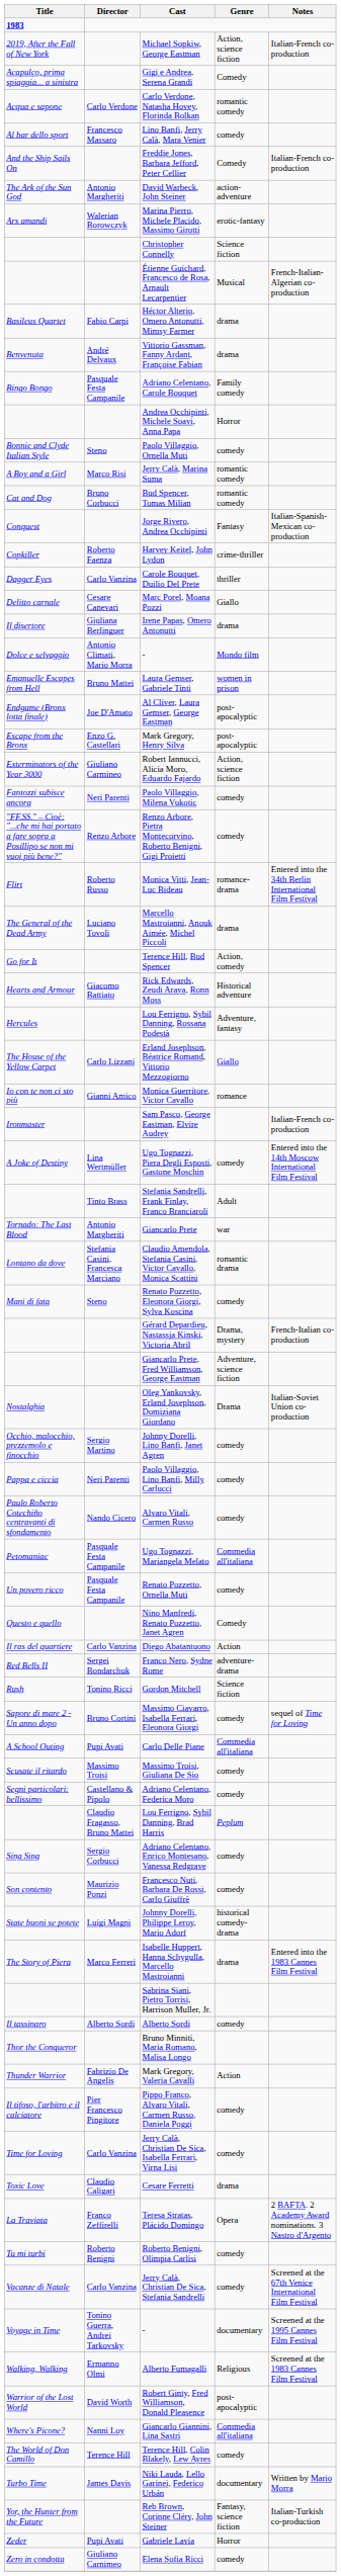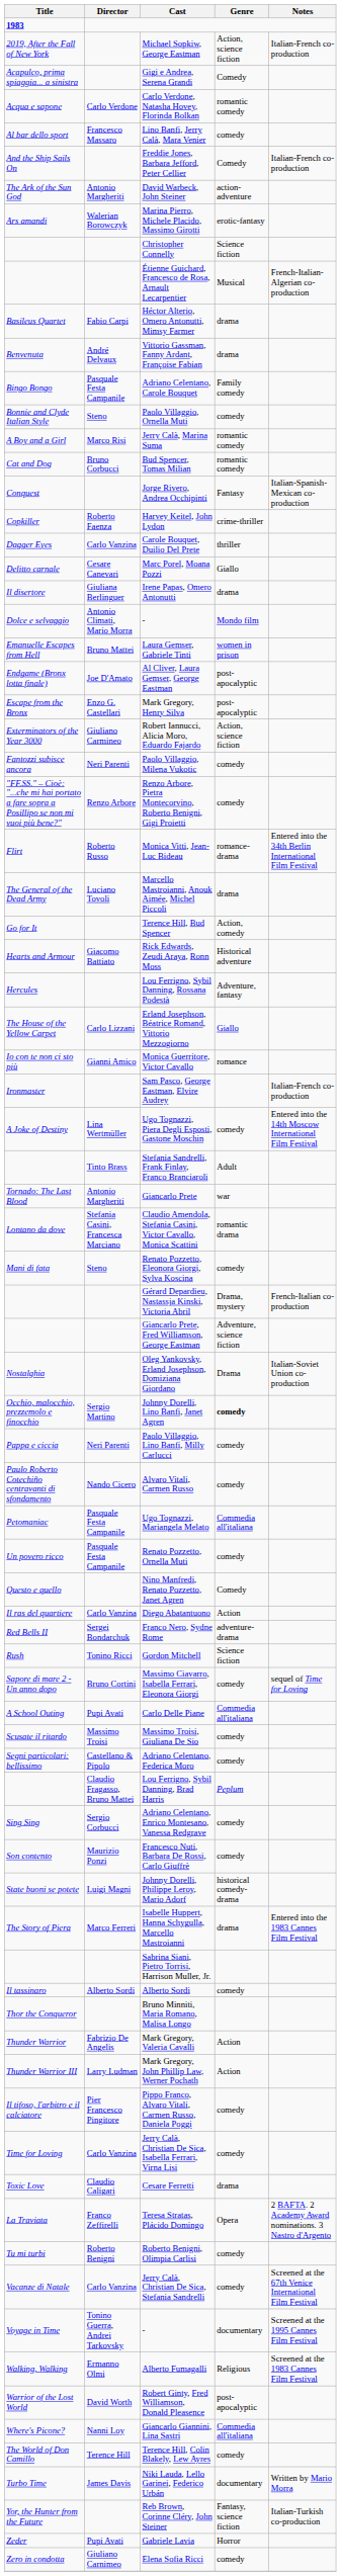 <table class="wikitable">
 <tr>
 <th>Title</th>
 <th>Director</th>
 <th>Cast</th>
 <th>Genre</th>
 <th>Notes</th>
 </tr>
 <tr>
 <td><strong><a href='#'>1983</a></strong></td>
 </tr>
 <tr>
 <td><em><a href='#'>2019, After the Fall of New York</a></em></td>
 <td></td>
 <td><a href='#'>Michael Sopkiw</a>, <a href='#'>George Eastman</a></td>
 <td>Action, science fiction</td>
 <td>Italian-French co-production</td>
 </tr>
 <tr>
 <td><em><a href='#'>Acapulco, prima spiaggia... a sinistra</a></em></td>
 <td></td>
 <td><a href='#'>Gigi e Andrea</a>, <a href='#'>Serena Grandi</a></td>
 <td>Comedy</td>
 <td></td>
 </tr>
 <tr>
 <td><em><a href='#'>Acqua e sapone</a></em></td>
 <td><a href='#'>Carlo Verdone</a></td>
 <td><a href='#'>Carlo Verdone</a>, <a href='#'>Natasha Hovey</a>, <a href='#'>Florinda Bolkan</a></td>
 <td>romantic comedy</td>
 <td></td>
 </tr>
 <tr>
 <td><em><a href='#'>Al bar dello sport</a></em></td>
 <td><a href='#'>Francesco Massaro</a></td>
 <td><a href='#'>Lino Banfi</a>, <a href='#'>Jerry Calà</a>, <a href='#'>Mara Venier</a></td>
 <td>comedy</td>
 <td></td>
 </tr>
 <tr>
 <td><em><a href='#'>And the Ship Sails On</a></em></td>
 <td></td>
 <td><a href='#'>Freddie Jones</a>, <a href='#'>Barbara Jefford</a>, <a href='#'>Peter Cellier</a></td>
 <td>Comedy</td>
 <td>Italian-French co-production</td>
 </tr>
 <tr>
 <td><em><a href='#'>The Ark of the Sun God</a></em></td>
 <td><a href='#'>Antonio Margheriti</a></td>
 <td><a href='#'>David Warbeck</a>, <a href='#'>John Steiner</a></td>
 <td>action-adventure</td>
 <td></td>
 </tr>
 <tr>
 <td><em><a href='#'>Ars amandi</a></em></td>
 <td><a href='#'>Walerian Borowczyk</a></td>
 <td><a href='#'>Marina Pierro</a>, <a href='#'>Michele Placido</a>, <a href='#'>Massimo Girotti</a></td>
 <td>erotic-fantasy</td>
 <td></td>
 </tr>
 <tr>
 <td></td>
 <td></td>
 <td><a href='#'>Christopher Connelly</a></td>
 <td>Science fiction</td>
 <td></td>
 </tr>
 <tr>
 <td></td>
 <td></td>
 <td><a href='#'>Étienne Guichard</a>, <a href='#'>Francesco de Rosa</a>, <a href='#'>Arnault Lecarpentier</a></td>
 <td>Musical</td>
 <td>French-Italian-Algerian co-production</td>
 </tr>
 <tr>
 <td><em><a href='#'>Basileus Quartet</a></em></td>
 <td><a href='#'>Fabio Carpi</a></td>
 <td><a href='#'>Héctor Alterio</a>, <a href='#'>Omero Antonutti</a>, <a href='#'>Mimsy Farmer</a></td>
 <td>drama</td>
 <td></td>
 </tr>
 <tr>
 <td><em><a href='#'>Benvenuta</a></em></td>
 <td><a href='#'>André Delvaux</a></td>
 <td><a href='#'>Vittorio Gassman</a>, <a href='#'>Fanny Ardant</a>, <a href='#'>Françoise Fabian</a></td>
 <td>drama</td>
 <td></td>
 </tr>
 <tr>
 <td><em><a href='#'>Bingo Bongo</a></em></td>
 <td><a href='#'>Pasquale Festa Campanile</a></td>
 <td><a href='#'>Adriano Celentano</a>, <a href='#'>Carole Bouquet</a></td>
 <td>Family comedy</td>
-<td></td>
-</tr>
-<tr>
-<td></td>
-<td></td>
-<td><a href='#'>Andrea Occhipinti</a>, <a href='#'>Michele Soavi</a>, <a href='#'>Anna Papa</a></td>
-<td>Horror</td>
 <td></td>
 </tr>
 <tr>
 <td><em><a href='#'>Bonnie and Clyde Italian Style</a></em></td>
 <td><a href='#'>Steno</a></td>
 <td><a href='#'>Paolo Villaggio</a>, <a href='#'>Ornella Muti</a></td>
 <td>comedy</td>
 </tr>
 <tr>
 <td><em><a href='#'>A Boy and a Girl</a></em></td>
 <td><a href='#'>Marco Risi</a></td>
 <td><a href='#'>Jerry Calà</a>, <a href='#'>Marina Suma</a></td>
 <td>romantic comedy</td>
 <td></td>
 </tr>
 <tr>
 <td><em><a href='#'>Cat and Dog</a></em></td>
 <td><a href='#'>Bruno Corbucci</a></td>
 <td><a href='#'>Bud Spencer</a>, <a href='#'>Tomas Milian</a></td>
 <td>romantic comedy</td>
 <td></td>
 </tr>
 <tr>
 <td><em><a href='#'>Conquest</a></em></td>
 <td></td>
 <td><a href='#'>Jorge Rivero</a>, <a href='#'>Andrea Occhipinti</a></td>
 <td>Fantasy</td>
 <td>Italian-Spanish-Mexican co-production</td>
 </tr>
 <tr>
 <td><em><a href='#'>Copkiller</a></em></td>
 <td><a href='#'>Roberto Faenza</a></td>
 <td><a href='#'>Harvey Keitel</a>, <a href='#'>John Lydon</a></td>
 <td>crime-thriller</td>
 <td></td>
 </tr>
 <tr>
 <td><em><a href='#'>Dagger Eyes</a></em></td>
 <td><a href='#'>Carlo Vanzina</a></td>
 <td><a href='#'>Carole Bouquet</a>, <a href='#'>Duilio Del Prete</a></td>
 <td>thriller</td>
 <td></td>
 </tr>
 <tr>
 <td><em><a href='#'>Delitto carnale</a></em></td>
 <td><a href='#'>Cesare Canevari</a></td>
 <td><a href='#'>Marc Porel</a>, <a href='#'>Moana Pozzi</a></td>
 <td>Giallo</td>
 <td></td>
 </tr>
 <tr>
 <td><em><a href='#'>Il disertore</a></em></td>
 <td><a href='#'>Giuliana Berlinguer</a></td>
 <td><a href='#'>Irene Papas</a>, <a href='#'>Omero Antonutti</a></td>
 <td>drama</td>
 <td></td>
 </tr>
 <tr>
 <td><em><a href='#'>Dolce e selvaggio</a></em></td>
 <td><a href='#'>Antonio Climati</a>, <a href='#'>Mario Morra</a></td>
 <td>-</td>
 <td><a href='#'>Mondo film</a></td>
 <td></td>
 </tr>
 <tr>
 <td><em><a href='#'>Emanuelle Escapes from Hell</a></em></td>
 <td><a href='#'>Bruno Mattei</a></td>
 <td><a href='#'>Laura Gemser</a>, <a href='#'>Gabriele Tinti</a></td>
 <td><a href='#'>women in prison</a></td>
 <td></td>
 </tr>
 <tr>
 <td><em><a href='#'>Endgame (Bronx lotta finale)</a></em></td>
 <td><a href='#'>Joe D'Amato</a></td>
 <td><a href='#'>Al Cliver</a>, <a href='#'>Laura Gemser</a>, <a href='#'>George Eastman</a></td>
 <td>post-apocalyptic</td>
 <td></td>
 </tr>
 <tr>
 <td><em><a href='#'>Escape from the Bronx</a></em></td>
 <td><a href='#'>Enzo G. Castellari</a></td>
 <td>Mark Gregory, <a href='#'>Henry Silva</a></td>
 <td>post-apocalyptic</td>
 <td></td>
 </tr>
 <tr>
 <td><em><a href='#'>Exterminators of the Year 3000</a></em></td>
 <td><a href='#'>Giuliano Carmineo</a></td>
 <td>Robert Iannucci, Alicia Moro, <a href='#'>Eduardo Fajardo</a></td>
 <td>Action, science fiction</td>
 <td></td>
 </tr>
 <tr>
 <td><em><a href='#'>Fantozzi subisce ancora</a></em></td>
 <td><a href='#'>Neri Parenti</a></td>
 <td><a href='#'>Paolo Villaggio</a>, <a href='#'>Milena Vukotic</a></td>
 <td>comedy</td>
 <td></td>
 </tr>
 <tr>
 <td><em><a href='#'>"FF.SS." – Cioè: "...che mi hai portato a fare sopra a Posillipo se non mi vuoi più bene?"</a></em></td>
 <td><a href='#'>Renzo Arbore</a></td>
 <td><a href='#'>Renzo Arbore</a>, <a href='#'>Pietra Montecorvino</a>, <a href='#'>Roberto Benigni</a>, <a href='#'>Gigi Proietti</a></td>
 <td>comedy</td>
 <td></td>
 </tr>
 <tr>
 <td><em><a href='#'>Flirt</a></em></td>
 <td><a href='#'>Roberto Russo</a></td>
 <td><a href='#'>Monica Vitti</a>, <a href='#'>Jean-Luc Bideau</a></td>
 <td>romance-drama</td>
 <td>Entered into the <a href='#'>34th Berlin International Film Festival</a></td>
 </tr>
 <tr>
 <td><em><a href='#'>The General of the Dead Army</a></em></td>
 <td><a href='#'>Luciano Tovoli</a></td>
 <td><a href='#'>Marcello Mastroianni</a>, <a href='#'>Anouk Aimée</a>, <a href='#'>Michel Piccoli</a></td>
 <td>drama</td>
 <td></td>
 </tr>
 <tr>
 <td><em><a href='#'>Go for It</a></em></td>
 <td></td>
 <td><a href='#'>Terence Hill</a>, <a href='#'>Bud Spencer</a></td>
 <td>Action, comedy</td>
 <td></td>
 </tr>
 <tr>
 <td><em><a href='#'>Hearts and Armour</a></em></td>
 <td><a href='#'>Giacomo Battiato</a></td>
 <td><a href='#'>Rick Edwards</a>, <a href='#'>Zeudi Araya</a>, <a href='#'>Ronn Moss</a></td>
 <td>Historical adventure</td>
 <td></td>
 </tr>
 <tr>
 <td><em><a href='#'>Hercules</a></em></td>
 <td></td>
 <td><a href='#'>Lou Ferrigno</a>, <a href='#'>Sybil Danning</a>, <a href='#'>Rossana Podestà</a></td>
 <td>Adventure, fantasy</td>
 <td></td>
 </tr>
 <tr>
 <td><em><a href='#'>The House of the Yellow Carpet</a></em></td>
 <td><a href='#'>Carlo Lizzani</a></td>
 <td><a href='#'>Erland Josephson</a>, <a href='#'>Béatrice Romand</a>, <a href='#'>Vittorio Mezzogiorno</a></td>
 <td><a href='#'>Giallo</a></td>
 <td></td>
 </tr>
 <tr>
 <td><em><a href='#'>Io con te non ci sto più</a></em></td>
 <td><a href='#'>Gianni Amico</a></td>
 <td><a href='#'>Monica Guerritore</a>, <a href='#'>Victor Cavallo</a></td>
 <td>romance</td>
 <td></td>
 </tr>
 <tr>
 <td><em><a href='#'>Ironmaster</a></em></td>
 <td></td>
 <td><a href='#'>Sam Pasco</a>, <a href='#'>George Eastman</a>, <a href='#'>Elvire Audrey</a></td>
 <td></td>
 <td>Italian-French co-production</td>
 </tr>
 <tr>
 <td><em><a href='#'>A Joke of Destiny</a></em></td>
 <td><a href='#'>Lina Wertmüller</a></td>
 <td><a href='#'>Ugo Tognazzi</a>, <a href='#'>Piera Degli Esposti</a>, <a href='#'>Gastone Moschin</a></td>
 <td>comedy</td>
 <td>Entered into the <a href='#'>14th Moscow International Film Festival</a></td>
 </tr>
 <tr>
 <td></td>
 <td><a href='#'>Tinto Brass</a></td>
 <td><a href='#'>Stefania Sandrelli</a>, <a href='#'>Frank Finlay</a>, <a href='#'>Franco Branciaroli</a></td>
 <td>Adult</td>
 <td></td>
 </tr>
 <tr>
 <td><em><a href='#'>Tornado: The Last Blood</a></em></td>
 <td><a href='#'>Antonio Margheriti</a></td>
 <td><a href='#'>Giancarlo Prete</a></td>
 <td>war</td>
 <td></td>
 </tr>
 <tr>
 <td><em><a href='#'>Lontano da dove</a></em></td>
 <td><a href='#'>Stefania Casini</a>, <a href='#'>Francesca Marciano</a></td>
 <td><a href='#'>Claudio Amendola</a>, <a href='#'>Stefania Casini</a>, <a href='#'>Victor Cavallo</a>, <a href='#'>Monica Scattini</a></td>
 <td>romantic drama</td>
 <td></td>
 </tr>
 <tr>
 <td><em><a href='#'>Mani di fata</a></em></td>
 <td><a href='#'>Steno</a></td>
 <td><a href='#'>Renato Pozzetto</a>, <a href='#'>Eleonora Giorgi</a>, <a href='#'>Sylva Koscina</a></td>
 <td>comedy</td>
 <td></td>
 </tr>
 <tr>
 <td></td>
 <td></td>
 <td><a href='#'>Gérard Depardieu</a>, <a href='#'>Nastassja Kinski</a>, <a href='#'>Victoria Abril</a></td>
 <td>Drama, mystery</td>
 <td>French-Italian co-production</td>
 </tr>
 <tr>
 <td></td>
 <td></td>
 <td><a href='#'>Giancarlo Prete</a>, <a href='#'>Fred Williamson</a>, <a href='#'>George Eastman</a></td>
 <td>Adventure, science fiction</td>
 <td></td>
 </tr>
 <tr>
 <td><em><a href='#'>Nostalghia</a></em></td>
 <td></td>
 <td><a href='#'>Oleg Yankovsky</a>, <a href='#'>Erland Josephson</a>, <a href='#'>Domiziana Giordano</a></td>
 <td>Drama</td>
 <td>Italian-Soviet Union co-production</td>
 </tr>
 <tr>
 <td><em><a href='#'>Occhio, malocchio, prezzemolo e finocchio</a></em></td>
 <td><a href='#'>Sergio Martino</a></td>
 <td><a href='#'>Johnny Dorelli</a>, <a href='#'>Lino Banfi</a>, <a href='#'>Janet Agren</a></td>
-<td>comedy</td>
+<td><strong>comedy</strong></td>
 <td></td>
 </tr>
 <tr>
 <td><em><a href='#'>Pappa e ciccia</a></em></td>
 <td><a href='#'>Neri Parenti</a></td>
 <td><a href='#'>Paolo Villaggio</a>, <a href='#'>Lino Banfi</a>, <a href='#'>Milly Carlucci</a></td>
 <td>comedy</td>
 <td></td>
 </tr>
 <tr>
 <td><em><a href='#'>Paulo Roberto Cotechiño centravanti di sfondamento</a></em></td>
 <td><a href='#'>Nando Cicero</a></td>
 <td><a href='#'>Alvaro Vitali</a>, <a href='#'>Carmen Russo</a></td>
 <td>comedy</td>
 <td></td>
 </tr>
 <tr>
 <td><em><a href='#'>Petomaniac</a></em></td>
 <td><a href='#'>Pasquale Festa Campanile</a></td>
 <td><a href='#'>Ugo Tognazzi</a>, <a href='#'>Mariangela Melato</a></td>
 <td><a href='#'>Commedia all'italiana</a></td>
 <td></td>
 </tr>
 <tr>
 <td><em><a href='#'>Un povero ricco</a></em></td>
 <td><a href='#'>Pasquale Festa Campanile</a></td>
 <td><a href='#'>Renato Pozzetto</a>, <a href='#'>Ornella Muti</a></td>
 <td>comedy</td>
 <td></td>
 </tr>
 <tr>
 <td><em><a href='#'>Questo e quello</a></em></td>
 <td></td>
 <td><a href='#'>Nino Manfredi</a>, <a href='#'>Renato Pozzetto</a>, <a href='#'>Janet Agren</a></td>
 <td>Comedy</td>
 <td></td>
 </tr>
 <tr>
 <td><em><a href='#'>Il ras del quartiere</a></em></td>
 <td><a href='#'>Carlo Vanzina</a></td>
 <td><a href='#'>Diego Abatantuono</a></td>
 <td>Action</td>
 <td></td>
 </tr>
 <tr>
 <td><em><a href='#'>Red Bells II</a></em></td>
 <td><a href='#'>Sergei Bondarchuk</a></td>
 <td><a href='#'>Franco Nero</a>, <a href='#'>Sydne Rome</a></td>
 <td>adventure-drama</td>
 <td></td>
 </tr>
 <tr>
 <td><em><a href='#'>Rush</a></em></td>
 <td><a href='#'>Tonino Ricci</a></td>
 <td><a href='#'>Gordon Mitchell</a></td>
 <td>Science fiction</td>
 <td></td>
 </tr>
 <tr>
 <td><em><a href='#'>Sapore di mare 2 - Un anno dopo</a></em></td>
 <td><a href='#'>Bruno Cortini</a></td>
 <td><a href='#'>Massimo Ciavarro</a>, <a href='#'>Isabella Ferrari</a>, <a href='#'>Eleonora Giorgi</a></td>
 <td>comedy</td>
 <td>sequel of <em><a href='#'>Time for Loving</a></em></td>
 </tr>
 <tr>
 <td><em><a href='#'>A School Outing</a></em></td>
 <td><a href='#'>Pupi Avati</a></td>
 <td><a href='#'>Carlo Delle Piane</a></td>
 <td><a href='#'>Commedia all'italiana</a></td>
 <td></td>
 </tr>
 <tr>
 <td><em><a href='#'>Scusate il ritardo</a></em></td>
 <td><a href='#'>Massimo Troisi</a></td>
 <td><a href='#'>Massimo Troisi</a>, <a href='#'>Giuliana De Sio</a></td>
 <td>comedy</td>
 <td></td>
 </tr>
 <tr>
 <td><em><a href='#'>Segni particolari: bellissimo</a></em></td>
 <td><a href='#'>Castellano & Pipolo</a></td>
 <td><a href='#'>Adriano Celentano</a>, <a href='#'>Federica Moro</a></td>
 <td>comedy</td>
 <td></td>
 </tr>
 <tr>
 <td></td>
 <td><a href='#'>Claudio Fragasso</a>, <a href='#'>Bruno Mattei</a></td>
 <td><a href='#'>Lou Ferrigno</a>, <a href='#'>Sybil Danning</a>, <a href='#'>Brad Harris</a></td>
 <td><em><a href='#'>Peplum</a></em></td>
 <td></td>
 </tr>
 <tr>
 <td><em><a href='#'>Sing Sing</a></em></td>
 <td><a href='#'>Sergio Corbucci</a></td>
 <td><a href='#'>Adriano Celentano</a>, <a href='#'>Enrico Montesano</a>, <a href='#'>Vanessa Redgrave</a></td>
 <td>comedy</td>
 <td></td>
 </tr>
 <tr>
 <td><em><a href='#'>Son contento</a></em></td>
 <td><a href='#'>Maurizio Ponzi</a></td>
 <td><a href='#'>Francesco Nuti</a>, <a href='#'>Barbara De Rossi</a>, <a href='#'>Carlo Giuffrè</a></td>
 <td>comedy</td>
 <td></td>
 </tr>
 <tr>
 <td><em><a href='#'>State buoni se potete</a></em></td>
 <td><a href='#'>Luigi Magni</a></td>
 <td><a href='#'>Johnny Dorelli</a>, <a href='#'>Philippe Leroy</a>, <a href='#'>Mario Adorf</a></td>
 <td>historical comedy-drama</td>
 <td></td>
 </tr>
 <tr>
 <td><em><a href='#'>The Story of Piera</a></em></td>
 <td><a href='#'>Marco Ferreri</a></td>
 <td><a href='#'>Isabelle Huppert</a>, <a href='#'>Hanna Schygulla</a>, <a href='#'>Marcello Mastroianni</a></td>
 <td>drama</td>
 <td>Entered into the <a href='#'>1983 Cannes Film Festival</a></td>
 </tr>
 <tr>
 <td></td>
 <td></td>
 <td><a href='#'>Sabrina Siani</a>, <a href='#'>Pietro Torrisi</a>, Harrison Muller, Jr.</td>
 <td></td>
 <td></td>
 </tr>
 <tr>
 <td><em><a href='#'>Il tassinaro</a></em></td>
 <td><a href='#'>Alberto Sordi</a></td>
 <td><a href='#'>Alberto Sordi</a></td>
 <td>comedy</td>
 <td></td>
 </tr>
 <tr>
 <td><em><a href='#'>Thor the Conqueror</a></em></td>
 <td></td>
 <td>Bruno Minniti, <a href='#'>Maria Romano</a>, <a href='#'>Malisa Longo</a></td>
 <td></td>
 <td></td>
 </tr>
 <tr>
 <td><em><a href='#'>Thunder Warrior</a></em></td>
 <td><a href='#'>Fabrizio De Angelis</a></td>
 <td>Mark Gregory, <a href='#'>Valeria Cavalli</a></td>
 <td>Action</td>
 <td></td>
 </tr>
 <tr>
+<td><em><a href='#'>Thunder Warrior III</a></em></td>
+<td><a href='#'>Larry Ludman</a></td>
+<td>Mark Gregory, <a href='#'>John Phillip Law</a>, <a href='#'>Werner Pochath</a></td>
+<td>Action</td>
+<td></td>
+</tr>
+<tr>
 <td><em><a href='#'>Il tifoso, l'arbitro e il calciatore</a></em></td>
 <td><a href='#'>Pier Francesco Pingitore</a></td>
 <td><a href='#'>Pippo Franco</a>, <a href='#'>Alvaro Vitali</a>, <a href='#'>Carmen Russo</a>, <a href='#'>Daniela Poggi</a></td>
 <td>comedy</td>
 <td></td>
 </tr>
 <tr>
 <td><em><a href='#'>Time for Loving</a></em></td>
 <td><a href='#'>Carlo Vanzina</a></td>
 <td><a href='#'>Jerry Calà</a>, <a href='#'>Christian De Sica</a>, <a href='#'>Isabella Ferrari</a>, <a href='#'>Virna Lisi</a></td>
 <td>comedy</td>
 <td></td>
 </tr>
 <tr>
 <td><em><a href='#'>Toxic Love</a></em></td>
 <td><a href='#'>Claudio Caligari</a></td>
 <td><a href='#'>Cesare Ferretti</a></td>
 <td>drama</td>
 <td></td>
 </tr>
 <tr>
 <td><em><a href='#'>La Traviata</a></em></td>
 <td><a href='#'>Franco Zeffirelli</a></td>
 <td><a href='#'>Teresa Stratas</a>, <a href='#'>Plácido Domingo</a></td>
 <td>Opera</td>
 <td>2 <a href='#'>BAFTA</a>. 2 <a href='#'>Academy Award</a> nominations. 3 <a href='#'>Nastro d'Argento</a></td>
 </tr>
 <tr>
 <td><em><a href='#'>Tu mi turbi</a></em></td>
 <td><a href='#'>Roberto Benigni</a></td>
 <td><a href='#'>Roberto Benigni</a>, <a href='#'>Olimpia Carlisi</a></td>
 <td>comedy</td>
 <td></td>
 </tr>
 <tr>
 <td><em><a href='#'>Vacanze di Natale</a></em></td>
 <td><a href='#'>Carlo Vanzina</a></td>
 <td><a href='#'>Jerry Calà</a>, <a href='#'>Christian De Sica</a>, <a href='#'>Stefania Sandrelli</a></td>
 <td>comedy</td>
 <td>Screened at the <a href='#'>67th Venice International Film Festival</a></td>
 </tr>
 <tr>
 <td><em><a href='#'>Voyage in Time</a></em></td>
 <td><a href='#'>Tonino Guerra</a>, <a href='#'>Andrei Tarkovsky</a></td>
 <td>-</td>
 <td>documentary</td>
 <td>Screened at the <a href='#'>1995 Cannes Film Festival</a></td>
 </tr>
 <tr>
 <td><em><a href='#'>Walking, Walking</a></em></td>
 <td><a href='#'>Ermanno Olmi</a></td>
 <td><a href='#'>Alberto Fumagalli</a></td>
 <td>Religious</td>
 <td>Screened at the <a href='#'>1983 Cannes Film Festival</a></td>
 </tr>
 <tr>
 <td><em><a href='#'>Warrior of the Lost World</a></em></td>
 <td><a href='#'>David Worth</a></td>
 <td><a href='#'>Robert Ginty</a>, <a href='#'>Fred Williamson</a>, <a href='#'>Donald Pleasence</a></td>
 <td>post-apocalyptic</td>
 <td></td>
 </tr>
 <tr>
 <td><em><a href='#'>Where's Picone?</a></em></td>
 <td><a href='#'>Nanni Loy</a></td>
 <td><a href='#'>Giancarlo Giannini</a>, <a href='#'>Lina Sastri</a></td>
 <td><a href='#'>Commedia all'italiana</a></td>
 <td></td>
 </tr>
 <tr>
 <td><em><a href='#'>The World of Don Camillo</a></em></td>
 <td><a href='#'>Terence Hill</a></td>
 <td><a href='#'>Terence Hill</a>, <a href='#'>Colin Blakely</a>, <a href='#'>Lew Ayres</a></td>
 <td>comedy</td>
 <td></td>
 </tr>
 <tr>
 <td><em><a href='#'>Turbo Time</a></em></td>
 <td><a href='#'>James Davis</a></td>
 <td><a href='#'>Niki Lauda</a>, <a href='#'>Lello Garinei</a>, <a href='#'>Federico Urbán</a></td>
 <td>documentary</td>
 <td>Written by <a href='#'>Mario Morra</a></td>
 </tr>
 <tr>
 <td><em><a href='#'>Yor, the Hunter from the Future</a></em></td>
 <td></td>
 <td><a href='#'>Reb Brown</a>, <a href='#'>Corinne Cléry</a>, <a href='#'>John Steiner</a></td>
 <td>Fantasy, science fiction</td>
 <td>Italian-Turkish co-production</td>
 </tr>
 <tr>
 <td><em><a href='#'>Zeder</a></em></td>
 <td><a href='#'>Pupi Avati</a></td>
 <td><a href='#'>Gabriele Lavia</a></td>
 <td>Horror</td>
 <td></td>
 </tr>
 <tr>
 <td><em><a href='#'>Zero in condotta</a></em></td>
 <td><a href='#'>Giuliano Carnimeo</a></td>
 <td><a href='#'>Elena Sofia Ricci</a></td>
 <td>comedy</td>
 <td></td>
 </tr>
 <tr>
 </tr>
 </table>
